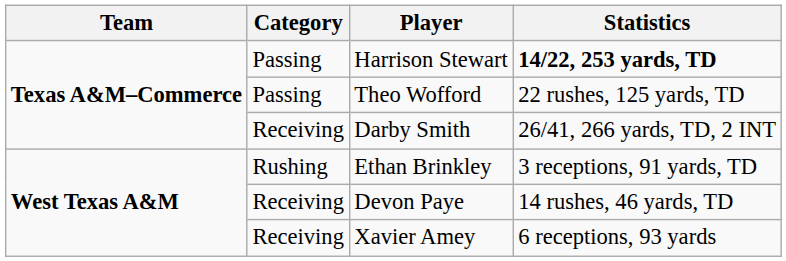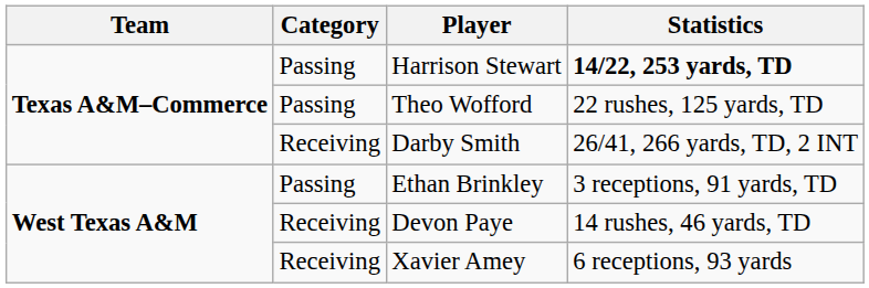 <table class="wikitable" style="float: right;">
 <tr>
 <th>Team</th>
 <th>Category</th>
 <th>Player</th>
 <th>Statistics</th>
 </tr>
 <tr>
 <td rowspan=3><strong>Texas A&M–Commerce</strong></td>
 <td>Passing</td>
 <td>Harrison Stewart</td>
 <td><strong>14/22, 253 yards, TD</strong></td>
 </tr>
 <tr>
 <td>Passing</td>
 <td>Theo Wofford</td>
 <td>22 rushes, 125 yards, TD</td>
 </tr>
 <tr>
 <td>Receiving</td>
 <td>Darby Smith</td>
 <td>26/41, 266 yards, TD, 2 INT</td>
 </tr>
 <tr>
 <td rowspan=3><strong>West Texas A&M</strong></td>
-<td>Rushing</td>
+<td>Passing</td>
 <td>Ethan Brinkley</td>
 <td>3 receptions, 91 yards, TD</td>
 </tr>
 <tr>
 <td>Receiving</td>
 <td>Devon Paye</td>
 <td>14 rushes, 46 yards, TD</td>
 </tr>
 <tr>
 <td>Receiving</td>
 <td>Xavier Amey</td>
 <td>6 receptions, 93 yards</td>
 </tr>
 </table>
